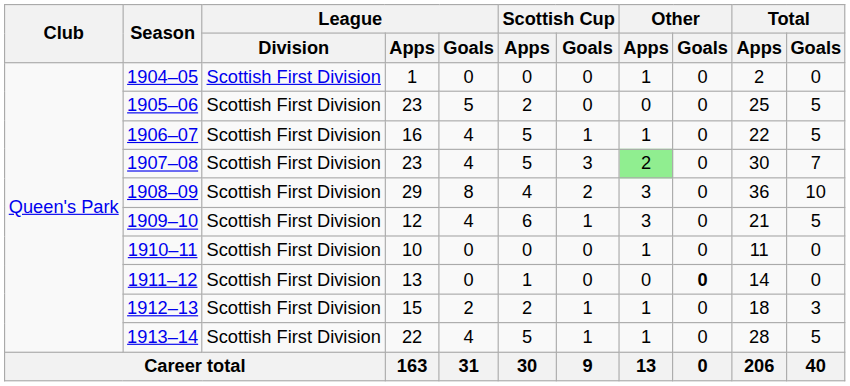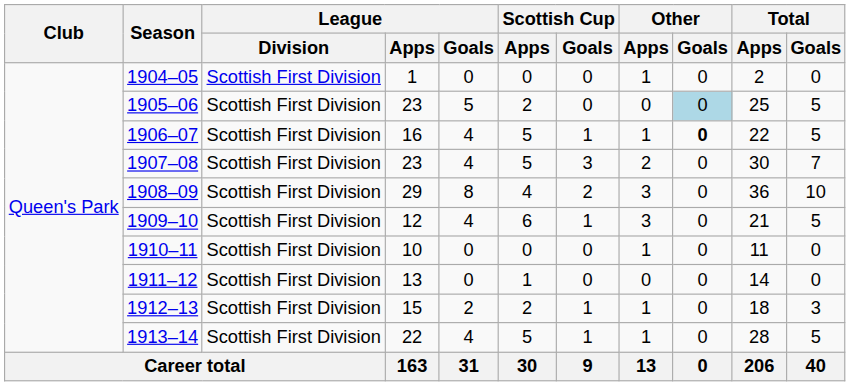 <table class="wikitable" style="text-align: center">
 <tr>
 <th rowspan="2">Club</th>
 <th rowspan="2">Season</th>
 <th colspan="3">League</th>
 <th colspan="2">Scottish Cup</th>
 <th colspan="2">Other</th>
 <th colspan="2">Total</th>
 </tr>
 <tr>
 <th>Division</th>
 <th>Apps</th>
 <th>Goals</th>
 <th>Apps</th>
 <th>Goals</th>
 <th>Apps</th>
 <th>Goals</th>
 <th>Apps</th>
 <th>Goals</th>
 </tr>
 <tr>
 <td rowspan="10"><a href='#'>Queen's Park</a></td>
 <td><a href='#'>1904–05</a></td>
 <td><a href='#'>Scottish First Division</a></td>
 <td>1</td>
 <td>0</td>
 <td>0</td>
 <td>0</td>
 <td>1</td>
 <td>0</td>
 <td>2</td>
 <td>0</td>
 </tr>
 <tr>
 <td><a href='#'>1905–06</a></td>
 <td>Scottish First Division</td>
 <td>23</td>
 <td>5</td>
 <td>2</td>
 <td>0</td>
 <td>0</td>
-<td>0</td>
+<td style="background: lightblue;">0</td>
 <td>25</td>
 <td>5</td>
 </tr>
 <tr>
 <td><a href='#'>1906–07</a></td>
 <td>Scottish First Division</td>
 <td>16</td>
 <td>4</td>
 <td>5</td>
 <td>1</td>
 <td>1</td>
-<td>0</td>
+<td><strong>0</strong></td>
 <td>22</td>
 <td>5</td>
 </tr>
 <tr>
 <td><a href='#'>1907–08</a></td>
 <td>Scottish First Division</td>
 <td>23</td>
 <td>4</td>
 <td>5</td>
 <td>3</td>
-<td style="background: lightgreen;">2</td>
+<td>2</td>
 <td>0</td>
 <td>30</td>
 <td>7</td>
 </tr>
 <tr>
 <td><a href='#'>1908–09</a></td>
 <td>Scottish First Division</td>
 <td>29</td>
 <td>8</td>
 <td>4</td>
 <td>2</td>
 <td>3</td>
 <td>0</td>
 <td>36</td>
 <td>10</td>
 </tr>
 <tr>
 <td><a href='#'>1909–10</a></td>
 <td>Scottish First Division</td>
 <td>12</td>
 <td>4</td>
 <td>6</td>
 <td>1</td>
 <td>3</td>
 <td>0</td>
 <td>21</td>
 <td>5</td>
 </tr>
 <tr>
 <td><a href='#'>1910–11</a></td>
 <td>Scottish First Division</td>
 <td>10</td>
 <td>0</td>
 <td>0</td>
 <td>0</td>
 <td>1</td>
 <td>0</td>
 <td>11</td>
 <td>0</td>
 </tr>
 <tr>
 <td><a href='#'>1911–12</a></td>
 <td>Scottish First Division</td>
 <td>13</td>
 <td>0</td>
 <td>1</td>
 <td>0</td>
 <td>0</td>
-<td><strong>0</strong></td>
+<td>0</td>
 <td>14</td>
 <td>0</td>
 </tr>
 <tr>
 <td><a href='#'>1912–13</a></td>
 <td>Scottish First Division</td>
 <td>15</td>
 <td>2</td>
 <td>2</td>
 <td>1</td>
 <td>1</td>
 <td>0</td>
 <td>18</td>
 <td>3</td>
 </tr>
 <tr>
 <td><a href='#'>1913–14</a></td>
 <td>Scottish First Division</td>
 <td>22</td>
 <td>4</td>
 <td>5</td>
 <td>1</td>
 <td>1</td>
 <td>0</td>
 <td>28</td>
 <td>5</td>
 </tr>
 <tr>
 <th colspan="3">Career total</th>
 <th>163</th>
 <th>31</th>
 <th>30</th>
 <th>9</th>
 <th>13</th>
 <th>0</th>
 <th>206</th>
 <th>40</th>
 </tr>
 </table>
